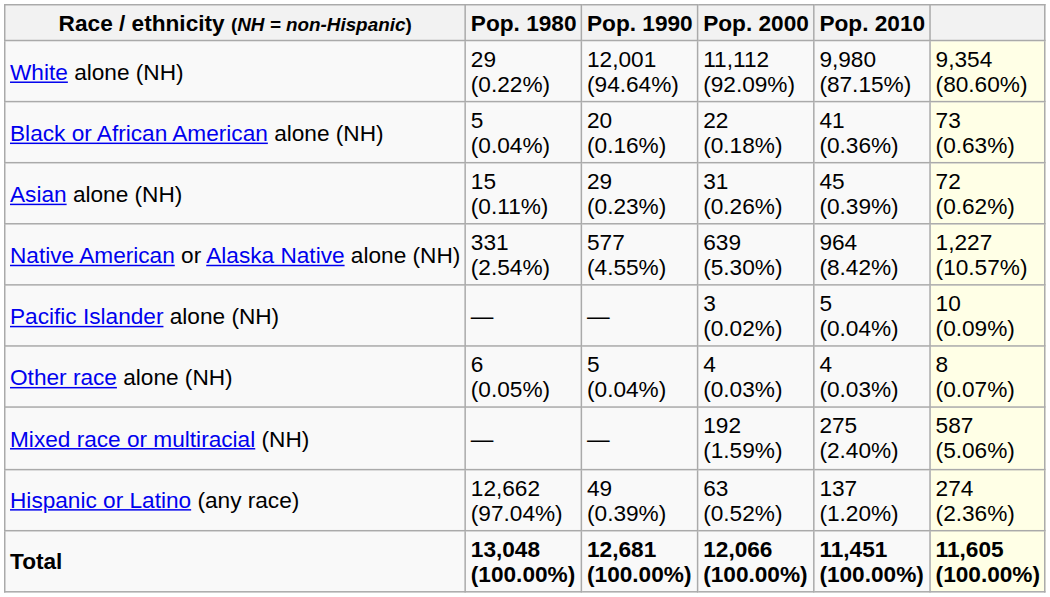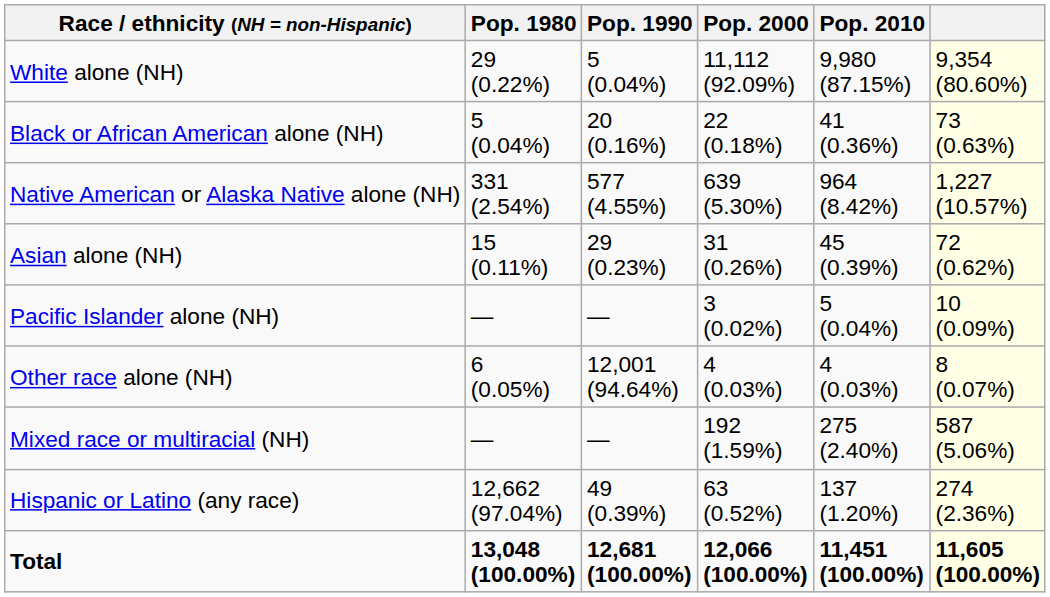 <table class="wikitable sortable collapsible" style="font-size: 95%;">
 <tr>
 <th>Race / ethnicity <small>(<em>NH = non-Hispanic</em>)</small></th>
 <th>Pop. 1980</th>
 <th>Pop. 1990</th>
 <th>Pop. 2000</th>
 <th>Pop. 2010</th>
 <th></th>
 </tr>
 <tr>
 <td><a href='#'>White</a> alone (NH)</td>
 <td>29<br>(0.22%)</td>
-<td>12,001<br>(94.64%)</td>
+<td>5<br>(0.04%)</td>
 <td>11,112<br>(92.09%)</td>
 <td>9,980<br>(87.15%)</td>
 <td style='background: #ffffe6;'>9,354<br>(80.60%)</td>
 </tr>
 <tr>
 <td><a href='#'>Black or African American</a> alone (NH)</td>
 <td>5<br>(0.04%)</td>
 <td>20<br>(0.16%)</td>
 <td>22<br>(0.18%)</td>
 <td>41<br>(0.36%)</td>
 <td style='background: #ffffe6;'>73<br>(0.63%)</td>
 </tr>
 <tr>
+<td><a href='#'>Native American</a> or <a href='#'>Alaska Native</a> alone (NH)</td>
+<td>331<br>(2.54%)</td>
+<td>577<br>(4.55%)</td>
+<td>639<br>(5.30%)</td>
+<td>964<br>(8.42%)</td>
+<td style='background: #ffffe6;'>1,227<br>(10.57%)</td>
+</tr>
+<tr>
 <td><a href='#'>Asian</a> alone (NH)</td>
 <td>15<br>(0.11%)</td>
 <td>29<br>(0.23%)</td>
 <td>31<br>(0.26%)</td>
 <td>45<br>(0.39%)</td>
 <td style='background: #ffffe6;'>72<br>(0.62%)</td>
-</tr>
-<tr>
-<td><a href='#'>Native American</a> or <a href='#'>Alaska Native</a> alone (NH)</td>
-<td>331<br>(2.54%)</td>
-<td>577<br>(4.55%)</td>
-<td>639<br>(5.30%)</td>
-<td>964<br>(8.42%)</td>
-<td style='background: #ffffe6;'>1,227<br>(10.57%)</td>
 </tr>
 <tr>
 <td><a href='#'>Pacific Islander</a> alone (NH)</td>
 <td>—</td>
 <td>—</td>
 <td>3<br>(0.02%)</td>
 <td>5<br>(0.04%)</td>
 <td style='background: #ffffe6;'>10<br>(0.09%)</td>
 </tr>
 <tr>
 <td><a href='#'>Other race</a> alone (NH)</td>
 <td>6<br>(0.05%)</td>
-<td>5<br>(0.04%)</td>
+<td>12,001<br>(94.64%)</td>
 <td>4<br>(0.03%)</td>
 <td>4<br>(0.03%)</td>
 <td style='background: #ffffe6;'>8<br>(0.07%)</td>
 </tr>
 <tr>
 <td><a href='#'>Mixed race or multiracial</a> (NH)</td>
 <td>—</td>
 <td>—</td>
 <td>192<br>(1.59%)</td>
 <td>275<br>(2.40%)</td>
 <td style='background: #ffffe6;'>587<br>(5.06%)</td>
 </tr>
 <tr>
 <td><a href='#'>Hispanic or Latino</a> (any race)</td>
 <td>12,662<br>(97.04%)</td>
 <td>49<br>(0.39%)</td>
 <td>63<br>(0.52%)</td>
 <td>137<br>(1.20%)</td>
 <td style='background: #ffffe6;'>274<br>(2.36%)</td>
 </tr>
 <tr>
 <td><strong>Total</strong></td>
 <td><strong>13,048<br>(100.00%)</strong></td>
 <td><strong>12,681<br>(100.00%)</strong></td>
 <td><strong>12,066<br>(100.00%)</strong></td>
 <td><strong>11,451<br>(100.00%)</strong></td>
 <td style='background: #ffffe6;'><strong>11,605<br>(100.00%)</strong></td>
 </tr>
 </table>
